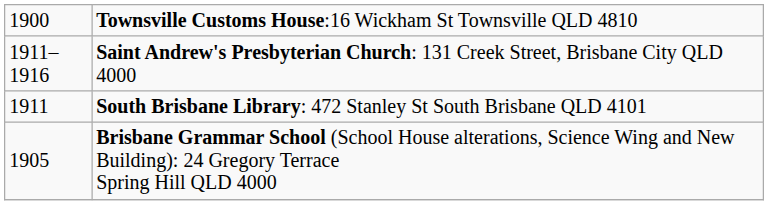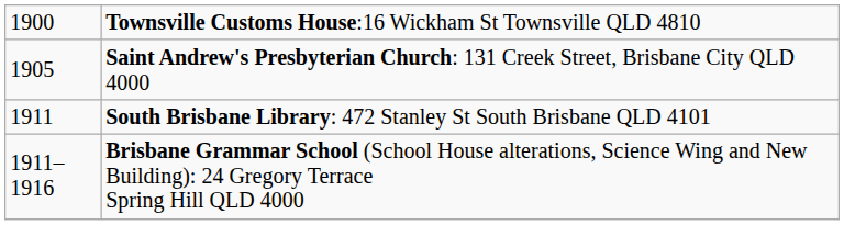 <table class="wikitable">
 <tr>
 <td>1900</td>
 <td><strong>Townsville Customs House</strong>:16 Wickham St Townsville QLD 4810</td>
 </tr>
 <tr>
-<td>1911–1916</td>
+<td>1905</td>
 <td><strong>Saint Andrew's Presbyterian Church</strong>: 131 Creek Street, Brisbane City QLD 4000</td>
 </tr>
 <tr>
 <td>1911</td>
 <td><strong>South Brisbane Library</strong>: 472 Stanley St South Brisbane QLD 4101</td>
 </tr>
 <tr>
-<td>1905</td>
+<td>1911–1916</td>
 <td><strong>Brisbane Grammar School</strong> (School House alterations, Science Wing and New Building): 24 Gregory Terrace<br>Spring Hill QLD 4000</td>
 </tr>
 <tr>
 </tr>
 </table>
